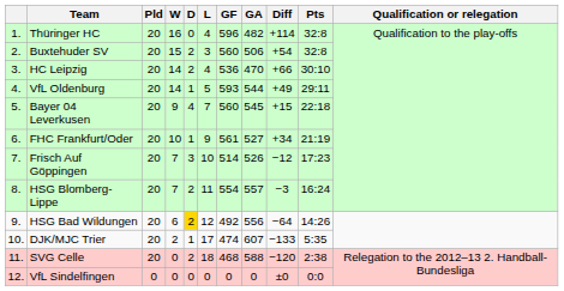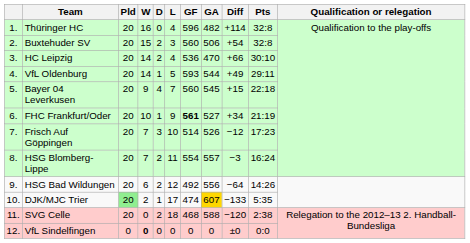 <table class="wikitable sortable" style="text-align:center">
 <tr>
 <th></th>
 <th width="150">Team</th>
 <th>Pld</th>
 <th>W</th>
 <th>D</th>
 <th>L</th>
 <th>GF</th>
 <th>GA</th>
 <th>Diff</th>
 <th>Pts</th>
 <th width="300">Qualification or relegation</th>
 </tr>
 <tr valign="top" bgcolor="ccffcc">
 <td>1.</td>
 <td align="left">Thüringer HC</td>
 <td>20</td>
 <td>16</td>
 <td>0</td>
 <td>4</td>
 <td>596</td>
 <td>482</td>
 <td>+114</td>
 <td>32:8</td>
 <td rowspan="8">Qualification to the play-offs</td>
 </tr>
 <tr valign="top" bgcolor="ccffcc">
 <td>2.</td>
 <td align="left">Buxtehuder SV</td>
 <td>20</td>
 <td>15</td>
 <td>2</td>
 <td>3</td>
 <td>560</td>
 <td>506</td>
 <td>+54</td>
 <td>32:8</td>
 </tr>
 <tr valign="top" bgcolor="ccffcc">
 <td>3.</td>
 <td align="left">HC Leipzig</td>
 <td>20</td>
 <td>14</td>
 <td>2</td>
 <td>4</td>
 <td>536</td>
 <td>470</td>
 <td>+66</td>
 <td>30:10</td>
 </tr>
 <tr valign="top" bgcolor="ccffcc">
 <td>4.</td>
 <td align="left">VfL Oldenburg</td>
 <td>20</td>
 <td>14</td>
 <td>1</td>
 <td>5</td>
 <td>593</td>
 <td>544</td>
 <td>+49</td>
 <td>29:11</td>
 </tr>
 <tr valign="top" bgcolor="#ccffcc">
 <td>5.</td>
 <td align="left">Bayer 04 Leverkusen</td>
 <td>20</td>
 <td>9</td>
 <td>4</td>
 <td>7</td>
 <td>560</td>
 <td>545</td>
 <td>+15</td>
 <td>22:18</td>
 </tr>
 <tr valign="top" bgcolor="#ccffcc">
 <td>6.</td>
 <td align="left">FHC Frankfurt/Oder</td>
 <td>20</td>
 <td>10</td>
 <td>1</td>
 <td>9</td>
-<td>561</td>
+<td><strong>561</strong></td>
 <td>527</td>
 <td>+34</td>
 <td>21:19</td>
 </tr>
 <tr valign="top" bgcolor="#ccffcc">
 <td>7.</td>
 <td align="left">Frisch Auf Göppingen</td>
 <td>20</td>
 <td>7</td>
 <td>3</td>
 <td>10</td>
 <td>514</td>
 <td>526</td>
 <td>−12</td>
 <td>17:23</td>
 </tr>
 <tr valign="top" bgcolor="#ccffcc">
 <td>8.</td>
 <td align="left">HSG Blomberg-Lippe</td>
 <td>20</td>
 <td>7</td>
 <td>2</td>
 <td>11</td>
 <td>554</td>
 <td>557</td>
 <td>−3</td>
 <td>16:24</td>
 </tr>
 <tr valign="top">
 <td>9.</td>
 <td align="left">HSG Bad Wildungen</td>
 <td>20</td>
 <td>6</td>
-<td style="background: gold;">2</td>
+<td>2</td>
 <td>12</td>
 <td>492</td>
 <td>556</td>
 <td>−64</td>
 <td>14:26</td>
 </tr>
 <tr valign="top">
 <td>10.</td>
 <td align="left">DJK/MJC Trier</td>
-<td>20</td>
+<td style="background: lightgreen;">20</td>
 <td>2</td>
 <td>1</td>
 <td>17</td>
 <td>474</td>
-<td>607</td>
+<td style="background: gold;">607</td>
 <td>−133</td>
 <td>5:35</td>
 </tr>
 <tr valign="top" bgcolor="#ffcccc">
 <td>11.</td>
 <td align="left">SVG Celle</td>
 <td>20</td>
 <td>0</td>
 <td>2</td>
 <td>18</td>
 <td>468</td>
 <td>588</td>
 <td>−120</td>
 <td>2:38</td>
 <td rowspan="2">Relegation to the 2012–13 2. Handball-Bundesliga</td>
 </tr>
 <tr valign="top" bgcolor="#ffcccc">
 <td>12.</td>
 <td align="left">VfL Sindelfingen</td>
 <td>0</td>
-<td>0</td>
+<td><strong>0</strong></td>
 <td>0</td>
 <td>0</td>
 <td>0</td>
 <td>0</td>
 <td>±0</td>
 <td>0:0</td>
 </tr>
 </table>
